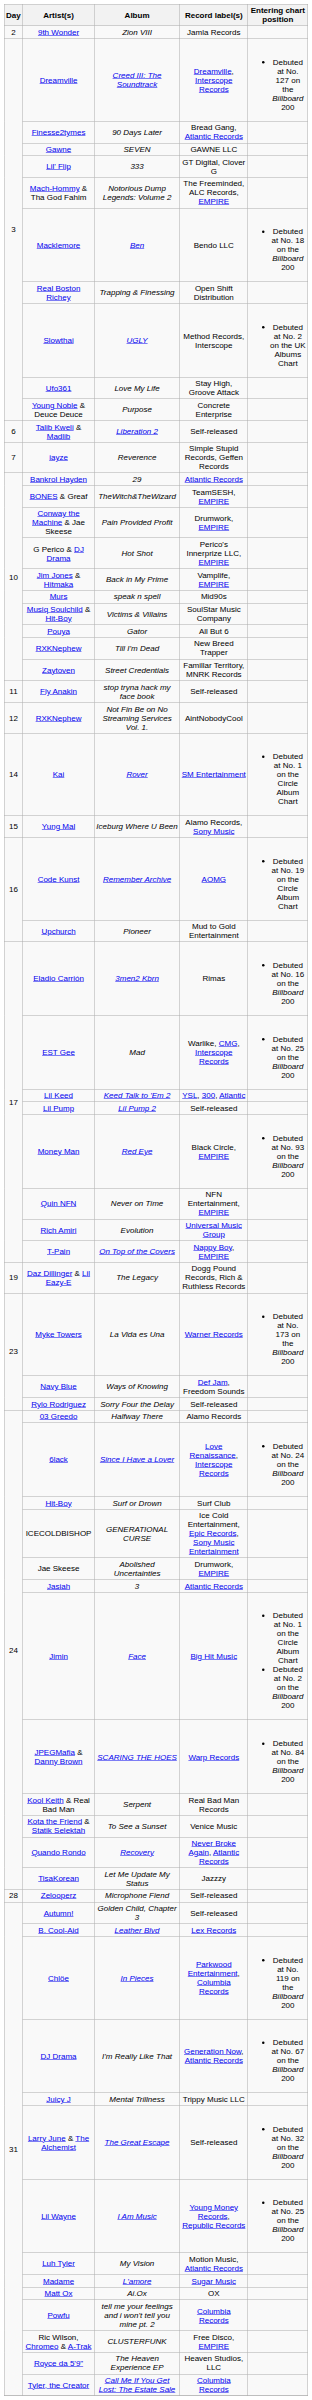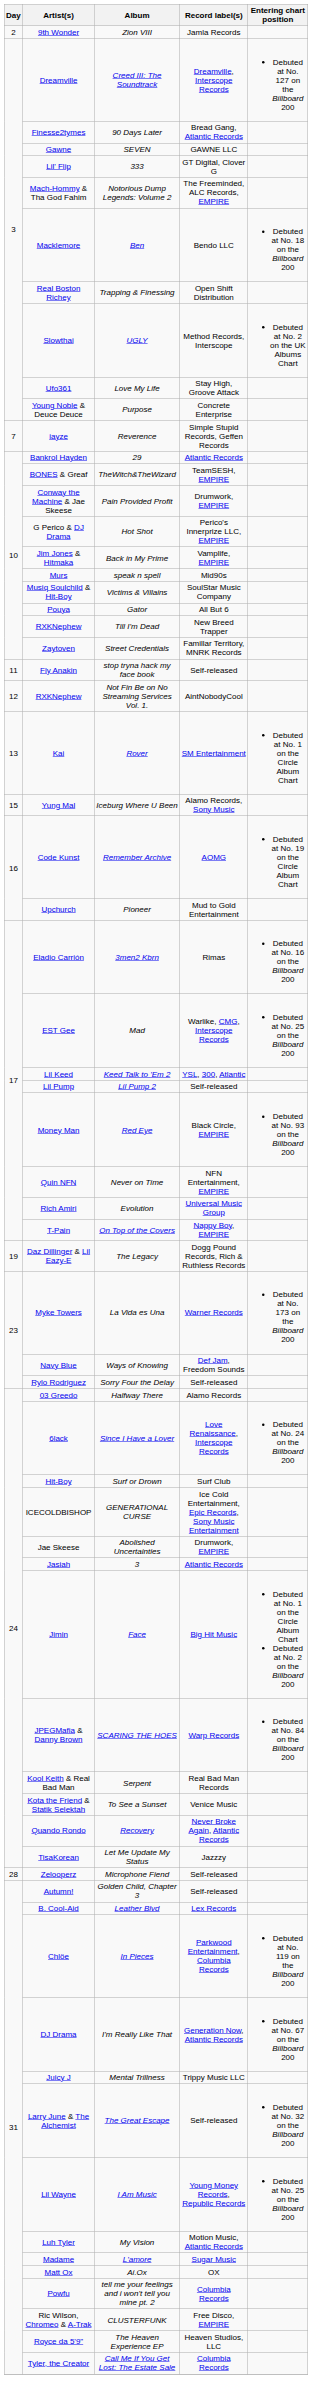 <table class="wikitable" style="text-align:center;">
 <tr>
 <th scope="col">Day</th>
 <th scope="col">Artist(s)</th>
 <th scope="col">Album</th>
 <th scope="col">Record label(s)</th>
 <th scope="col">Entering chart position</th>
 </tr>
 <tr>
 <td>2</td>
 <td><a href='#'>9th Wonder</a></td>
 <td><em>Zion VIII</em></td>
 <td>Jamla Records</td>
 <td></td>
 </tr>
 <tr>
 <td rowspan="10">3</td>
 <td><a href='#'>Dreamville</a></td>
 <td><em><a href='#'>Creed III: The Soundtrack</a></em></td>
 <td><a href='#'>Dreamville</a>, <a href='#'>Interscope Records</a></td>
 <td><br><ul><li>Debuted at No. 127 on the <em>Billboard</em> 200</li></ul></td>
 </tr>
 <tr>
 <td><a href='#'>Finesse2tymes</a></td>
 <td><em>90 Days Later</em></td>
 <td>Bread Gang, <a href='#'>Atlantic Records</a></td>
 <td></td>
 </tr>
 <tr>
 <td><a href='#'>Gawne</a></td>
 <td><em>SEVEN</em></td>
 <td>GAWNE LLC</td>
 <td></td>
 </tr>
 <tr>
 <td><a href='#'>Lil' Flip</a></td>
 <td><em>333</em></td>
 <td>GT Digital, Clover G</td>
 <td></td>
 </tr>
 <tr>
 <td><a href='#'>Mach-Hommy</a> & Tha God Fahim</td>
 <td><em>Notorious Dump Legends: Volume 2</em></td>
 <td>The Freeminded, ALC Records, <a href='#'>EMPIRE</a></td>
 <td></td>
 </tr>
 <tr>
 <td><a href='#'>Macklemore</a></td>
 <td><em><a href='#'>Ben</a></em></td>
 <td>Bendo LLC</td>
 <td><br><ul><li>Debuted at No. 18 on the <em>Billboard</em> 200</li></ul></td>
 </tr>
 <tr>
 <td><a href='#'>Real Boston Richey</a></td>
 <td><em>Trapping & Finessing</em></td>
 <td>Open Shift Distribution</td>
 <td></td>
 </tr>
 <tr>
 <td><a href='#'>Slowthai</a></td>
 <td><em><a href='#'>UGLY</a></em></td>
 <td>Method Records, Interscope</td>
 <td><br><ul><li>Debuted at No. 2 on the UK Albums Chart</li></ul></td>
 </tr>
 <tr>
 <td><a href='#'>Ufo361</a></td>
 <td><em>Love My Life</em></td>
 <td>Stay High, Groove Attack</td>
 <td></td>
 </tr>
 <tr>
 <td><a href='#'>Young Noble</a> & Deuce Deuce</td>
 <td><em>Purpose</em></td>
 <td>Concrete Enterprise</td>
-<td></td>
-</tr>
-<tr>
-<td>6</td>
-<td><a href='#'>Talib Kweli</a> & <a href='#'>Madlib</a></td>
-<td><em><a href='#'>Liberation 2</a></em></td>
-<td>Self-released</td>
 <td></td>
 </tr>
 <tr>
 <td>7</td>
 <td><a href='#'>iayze</a></td>
 <td><em>Reverence</em></td>
 <td>Simple Stupid Records, Geffen Records</td>
 <td></td>
 </tr>
 <tr>
 <td rowspan="10">10</td>
 <td><a href='#'>Bankrol Hayden</a></td>
 <td><em>29</em></td>
 <td><a href='#'>Atlantic Records</a></td>
 <td></td>
 </tr>
 <tr>
 <td><a href='#'>BONES</a> & Greaf</td>
 <td><em>TheWitch&TheWizard</em></td>
 <td>TeamSESH, <a href='#'>EMPIRE</a></td>
 <td></td>
 </tr>
 <tr>
 <td><a href='#'>Conway the Machine</a> & Jae Skeese</td>
 <td><em>Pain Provided Profit</em></td>
 <td>Drumwork, <a href='#'>EMPIRE</a></td>
 <td></td>
 </tr>
 <tr>
 <td>G Perico & <a href='#'>DJ Drama</a></td>
 <td><em>Hot Shot</em></td>
 <td>Perico's Innerprize LLC, <a href='#'>EMPIRE</a></td>
 <td></td>
 </tr>
 <tr>
 <td><a href='#'>Jim Jones</a> & <a href='#'>Hitmaka</a></td>
 <td><em>Back in My Prime</em></td>
 <td>Vamplife, <a href='#'>EMPIRE</a></td>
 <td></td>
 </tr>
 <tr>
 <td><a href='#'>Murs</a></td>
 <td><em>speak n spell</em></td>
 <td>Mid90s</td>
 <td></td>
 </tr>
 <tr>
 <td><a href='#'>Musiq Soulchild</a> & <a href='#'>Hit-Boy</a></td>
 <td><em>Victims & Villains</em></td>
 <td>SoulStar Music Company</td>
 <td></td>
 </tr>
 <tr>
 <td><a href='#'>Pouya</a></td>
 <td><em>Gator</em></td>
 <td>All But 6</td>
 <td></td>
 </tr>
 <tr>
 <td><a href='#'>RXKNephew</a></td>
 <td><em>Till I'm Dead</em></td>
 <td>New Breed Trapper</td>
 <td></td>
 </tr>
 <tr>
 <td><a href='#'>Zaytoven</a></td>
 <td><em>Street Credentials</em></td>
 <td>Famillar Territory, MNRK Records</td>
 <td></td>
 </tr>
 <tr>
 <td>11</td>
 <td><a href='#'>Fly Anakin</a></td>
 <td><em>stop tryna hack my face book</em></td>
 <td>Self-released</td>
 <td></td>
 </tr>
 <tr>
 <td>12</td>
 <td><a href='#'>RXKNephew</a></td>
 <td><em>Not Fin Be on No Streaming Services Vol. 1.</em></td>
 <td>AintNobodyCool</td>
 <td></td>
 </tr>
 <tr>
-<td>14</td>
+<td>13</td>
 <td><a href='#'>Kai</a></td>
 <td><em><a href='#'>Rover</a></em></td>
 <td><a href='#'>SM Entertainment</a></td>
 <td><br><ul><li>Debuted at No. 1 on the Circle Album Chart</li></ul></td>
 </tr>
 <tr>
 <td>15</td>
 <td><a href='#'>Yung Mal</a></td>
 <td><em>Iceburg Where U Been</em></td>
 <td>Alamo Records, <a href='#'>Sony Music</a></td>
 <td></td>
 </tr>
 <tr>
 <td rowspan="2">16</td>
 <td><a href='#'>Code Kunst</a></td>
 <td><em><a href='#'>Remember Archive</a></em></td>
 <td><a href='#'>AOMG</a></td>
 <td><br><ul><li>Debuted at No. 19 on the Circle Album Chart</li></ul></td>
 </tr>
 <tr>
 <td><a href='#'>Upchurch</a></td>
 <td><em>Pioneer</em></td>
 <td>Mud to Gold Entertainment</td>
 <td></td>
 </tr>
 <tr>
 <td rowspan="8">17</td>
 <td><a href='#'>Eladio Carrión</a></td>
 <td><em><a href='#'>3men2 Kbrn</a></em></td>
 <td>Rimas</td>
 <td><br><ul><li>Debuted at No. 16 on the <em>Billboard</em> 200</li></ul></td>
 </tr>
 <tr>
 <td><a href='#'>EST Gee</a></td>
 <td><em>Mad</em></td>
 <td>Warlike, <a href='#'>CMG</a>, <a href='#'>Interscope Records</a></td>
 <td><br><ul><li>Debuted at No. 25 on the <em>Billboard</em> 200</li></ul></td>
 </tr>
 <tr>
 <td><a href='#'>Lil Keed</a></td>
 <td><em><a href='#'>Keed Talk to 'Em 2</a></em></td>
 <td><a href='#'>YSL</a>, <a href='#'>300</a>, <a href='#'>Atlantic</a></td>
 <td></td>
 </tr>
 <tr>
 <td><a href='#'>Lil Pump</a></td>
 <td><em><a href='#'>Lil Pump 2</a></em></td>
 <td>Self-released</td>
 <td></td>
 </tr>
 <tr>
 <td><a href='#'>Money Man</a></td>
 <td><em><a href='#'>Red Eye</a></em></td>
 <td>Black Circle, <a href='#'>EMPIRE</a></td>
 <td><br><ul><li>Debuted at No. 93 on the <em>Billboard</em> 200</li></ul></td>
 </tr>
 <tr>
 <td><a href='#'>Quin NFN</a></td>
 <td><em>Never on Time</em></td>
 <td>NFN Entertainment, <a href='#'>EMPIRE</a></td>
 <td></td>
 </tr>
 <tr>
 <td><a href='#'>Rich Amiri</a></td>
 <td><em>Evolution</em></td>
 <td><a href='#'>Universal Music Group</a></td>
 <td></td>
 </tr>
 <tr>
 <td><a href='#'>T-Pain</a></td>
 <td><em><a href='#'>On Top of the Covers</a></em></td>
 <td><a href='#'>Nappy Boy</a>, <a href='#'>EMPIRE</a></td>
 <td></td>
 </tr>
 <tr>
 <td>19</td>
 <td><a href='#'>Daz Dillinger</a> & <a href='#'>Lil Eazy-E</a></td>
 <td><em>The Legacy</em></td>
 <td>Dogg Pound Records, Rich & Ruthless Records</td>
 <td></td>
 </tr>
 <tr>
 <td rowspan="3">23</td>
 <td><a href='#'>Myke Towers</a></td>
 <td><em>La Vida es Una</em></td>
 <td><a href='#'>Warner Records</a></td>
 <td><br><ul><li>Debuted at No. 173 on the <em>Billboard</em> 200</li></ul></td>
 </tr>
 <tr>
 <td><a href='#'>Navy Blue</a></td>
 <td><em>Ways of Knowing</em></td>
 <td><a href='#'>Def Jam</a>, Freedom Sounds</td>
 <td></td>
 </tr>
 <tr>
 <td><a href='#'>Rylo Rodriguez</a></td>
 <td><em>Sorry Four the Delay</em></td>
 <td>Self-released</td>
 <td></td>
 </tr>
 <tr>
 <td rowspan="12">24</td>
 <td><a href='#'>03 Greedo</a></td>
 <td><em>Halfway There</em></td>
 <td>Alamo Records</td>
 <td></td>
 </tr>
 <tr>
 <td><a href='#'>6lack</a></td>
 <td><em><a href='#'>Since I Have a Lover</a></em></td>
 <td><a href='#'>Love Renaissance</a>, <a href='#'>Interscope Records</a></td>
 <td><br><ul><li>Debuted at No. 24 on the <em>Billboard</em> 200</li></ul></td>
 </tr>
 <tr>
 <td><a href='#'>Hit-Boy</a></td>
 <td><em>Surf or Drown</em></td>
 <td>Surf Club</td>
 <td></td>
 </tr>
 <tr>
 <td>ICECOLDBISHOP</td>
 <td><em>GENERATIONAL CURSE</em></td>
 <td>Ice Cold Entertainment, <a href='#'>Epic Records</a>, <a href='#'>Sony Music Entertainment</a></td>
 <td></td>
 </tr>
 <tr>
 <td>Jae Skeese</td>
 <td><em>Abolished Uncertainties</em></td>
 <td>Drumwork, <a href='#'>EMPIRE</a></td>
 <td></td>
 </tr>
 <tr>
 <td><a href='#'>Jasiah</a></td>
 <td><em>3</em></td>
 <td><a href='#'>Atlantic Records</a></td>
 <td></td>
 </tr>
 <tr>
 <td><a href='#'>Jimin</a></td>
 <td><em><a href='#'>Face</a></em></td>
 <td><a href='#'>Big Hit Music</a></td>
 <td><br><ul><li>Debuted at No. 1 on the Circle Album Chart</li><li>Debuted at No. 2 on the <em>Billboard</em> 200</li></ul></td>
 </tr>
 <tr>
 <td><a href='#'>JPEGMafia</a> & <a href='#'>Danny Brown</a></td>
 <td><em><a href='#'>SCARING THE HOES</a></em></td>
 <td><a href='#'>Warp Records</a></td>
 <td><br><ul><li>Debuted at No. 84 on the <em>Billboard</em> 200</li></ul></td>
 </tr>
 <tr>
 <td><a href='#'>Kool Keith</a> & Real Bad Man</td>
 <td><em>Serpent</em></td>
 <td>Real Bad Man Records</td>
 <td></td>
 </tr>
 <tr>
 <td><a href='#'>Kota the Friend</a> & <a href='#'>Statik Selektah</a></td>
 <td><em>To See a Sunset</em></td>
 <td>Venice Music</td>
 <td></td>
 </tr>
 <tr>
 <td><a href='#'>Quando Rondo</a></td>
 <td><em><a href='#'>Recovery</a></em></td>
 <td><a href='#'>Never Broke Again</a>, <a href='#'>Atlantic Records</a></td>
 <td></td>
 </tr>
 <tr>
 <td><a href='#'>TisaKorean</a></td>
 <td><em>Let Me Update My Status</em></td>
 <td>Jazzzy</td>
 <td></td>
 </tr>
 <tr>
 <td>28</td>
 <td><a href='#'>Zelooperz</a></td>
 <td><em>Microphone Fiend</em></td>
 <td>Self-released</td>
 <td></td>
 </tr>
 <tr>
 <td rowspan="14">31</td>
 <td><a href='#'>Autumn!</a></td>
 <td><em>Golden Child, Chapter 3</em></td>
 <td>Self-released</td>
 <td></td>
 </tr>
 <tr>
 <td><a href='#'>B. Cool-Aid</a></td>
 <td><em><a href='#'>Leather Blvd</a></em></td>
 <td><a href='#'>Lex Records</a></td>
 <td></td>
 </tr>
 <tr>
 <td><a href='#'>Chlöe</a></td>
 <td><em><a href='#'>In Pieces</a></em></td>
 <td><a href='#'>Parkwood Entertainment</a>, <a href='#'>Columbia Records</a></td>
 <td><br><ul><li>Debuted at No. 119 on the <em>Billboard</em> 200</li></ul></td>
 </tr>
 <tr>
 <td><a href='#'>DJ Drama</a></td>
 <td><em>I'm Really Like That</em></td>
 <td><a href='#'>Generation Now</a>, <a href='#'>Atlantic Records</a></td>
 <td><br><ul><li>Debuted at No. 67 on the <em>Billboard</em> 200</li></ul></td>
 </tr>
 <tr>
 <td><a href='#'>Juicy J</a></td>
 <td><em>Mental Trillness</em></td>
 <td>Trippy Music LLC</td>
 <td></td>
 </tr>
 <tr>
 <td><a href='#'>Larry June</a> & <a href='#'>The Alchemist</a></td>
 <td><em><a href='#'>The Great Escape</a></em></td>
 <td>Self-released</td>
 <td><br><ul><li>Debuted at No. 32 on the <em>Billboard</em> 200</li></ul></td>
 </tr>
 <tr>
 <td><a href='#'>Lil Wayne</a></td>
 <td><em><a href='#'>I Am Music</a></em></td>
 <td><a href='#'>Young Money Records</a>, <a href='#'>Republic Records</a></td>
 <td><br><ul><li>Debuted at No. 25 on the <em>Billboard</em> 200</li></ul></td>
 </tr>
 <tr>
 <td><a href='#'>Luh Tyler</a></td>
 <td><em>My Vision</em></td>
 <td>Motion Music, <a href='#'>Atlantic Records</a></td>
 <td></td>
 </tr>
 <tr>
 <td><a href='#'>Madame</a></td>
 <td><em><a href='#'>L'amore</a></em></td>
 <td><a href='#'>Sugar Music</a></td>
 <td></td>
 </tr>
 <tr>
 <td><a href='#'>Matt Ox</a></td>
 <td><em>Ai.Ox</em></td>
 <td>OX</td>
 <td></td>
 </tr>
 <tr>
 <td><a href='#'>Powfu</a></td>
 <td><em>tell me your feelings and i won't tell you mine pt. 2</em></td>
 <td><a href='#'>Columbia Records</a></td>
 <td></td>
 </tr>
 <tr>
 <td>Ric Wilson, <a href='#'>Chromeo</a> & <a href='#'>A-Trak</a></td>
 <td><em>CLUSTERFUNK</em></td>
 <td>Free Disco, <a href='#'>EMPIRE</a></td>
 <td></td>
 </tr>
 <tr>
 <td><a href='#'>Royce da 5'9"</a></td>
 <td><em>The Heaven Experience EP</em></td>
 <td>Heaven Studios, LLC</td>
 <td></td>
 </tr>
 <tr>
 <td><a href='#'>Tyler, the Creator</a></td>
 <td><em><a href='#'>Call Me If You Get Lost: The Estate Sale</a></em></td>
 <td><a href='#'>Columbia Records</a></td>
 <td></td>
 </tr>
 <tr>
 </tr>
 </table>
